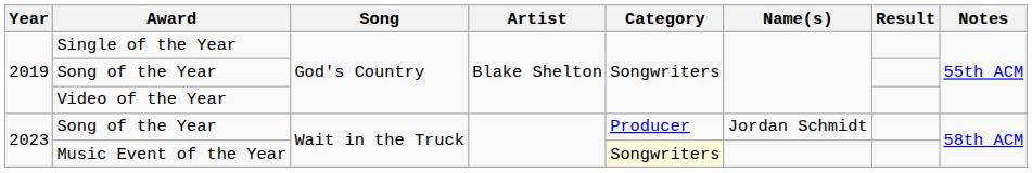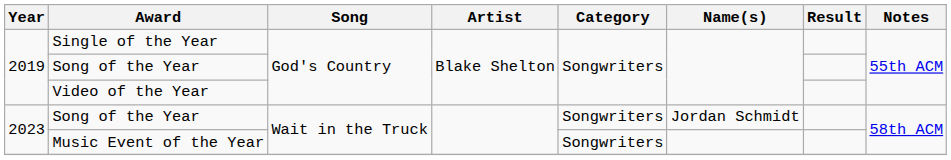 <table class="wikitable">
 <tr>
 <th>Year</th>
 <th>Award</th>
 <th>Song</th>
 <th>Artist</th>
 <th>Category</th>
 <th>Name(s)</th>
 <th>Result</th>
 <th>Notes</th>
 </tr>
 <tr>
 <td rowspan="3">2019</td>
 <td>Single of the Year</td>
 <td rowspan="3">God's Country</td>
 <td rowspan="3">Blake Shelton</td>
 <td rowspan="3">Songwriters</td>
 <td rowspan="3"></td>
 <td></td>
 <td rowspan="3"><a href='#'>55th ACM</a></td>
 </tr>
 <tr>
 <td>Song of the Year</td>
 <td></td>
 </tr>
 <tr>
 <td>Video of the Year</td>
 <td></td>
 </tr>
 <tr>
 <td rowspan="2">2023</td>
 <td>Song of the Year</td>
 <td rowspan="2">Wait in the Truck</td>
 <td rowspan="2"></td>
-<td><a href='#'>Producer</a></td>
+<td>Songwriters</td>
 <td>Jordan Schmidt</td>
 <td></td>
 <td rowspan="2"><a href='#'>58th ACM</a><br></td>
 </tr>
 <tr>
 <td>Music Event of the Year</td>
-<td style="background: lightyellow;">Songwriters</td>
+<td>Songwriters</td>
 <td></td>
 <td></td>
 </tr>
 <tr>
 </tr>
 </table>
